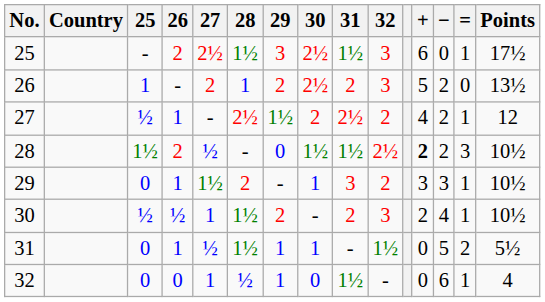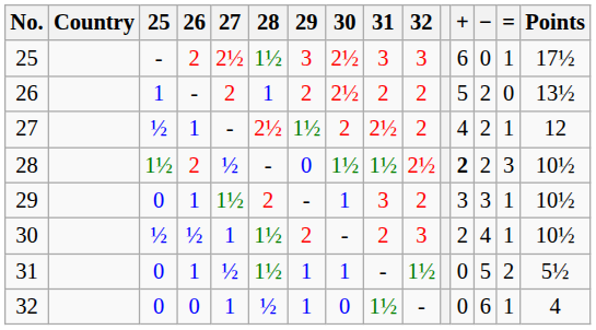 <table class="wikitable" style="text-align:center">
 <tr>
 <th>No.</th>
 <th>Country</th>
 <th>25</th>
 <th>26</th>
 <th>27</th>
 <th>28</th>
 <th>29</th>
 <th>30</th>
 <th>31</th>
 <th>32</th>
 <th></th>
 <th>+</th>
 <th>−</th>
 <th>=</th>
 <th>Points</th>
 </tr>
 <tr>
 <td>25</td>
 <td style="text-align: left"></td>
 <td>-</td>
 <td style="color:red;">2</td>
 <td style="color:red;">2½</td>
 <td style="color:green;">1½</td>
 <td style="color:red;">3</td>
 <td style="color:red;">2½</td>
-<td style="color:green;">1½</td>
+<td style="color:red;">3</td>
 <td style="color:red;">3</td>
 <th></th>
 <td>6</td>
 <td>0</td>
 <td>1</td>
 <td>17½</td>
 </tr>
 <tr>
 <td>26</td>
 <td style="text-align: left"></td>
 <td style="color:blue;">1</td>
 <td>-</td>
 <td style="color:red;">2</td>
 <td style="color:blue;">1</td>
 <td style="color:red;">2</td>
 <td style="color:red;">2½</td>
 <td style="color:red;">2</td>
-<td style="color:red;">3</td>
+<td style="color:red;">2</td>
 <th></th>
 <td>5</td>
 <td>2</td>
 <td>0</td>
 <td>13½</td>
 </tr>
 <tr>
 <td>27</td>
 <td style="text-align: left"></td>
 <td style="color:blue;">½</td>
 <td style="color:blue;">1</td>
 <td>-</td>
 <td style="color:red;">2½</td>
 <td style="color:green;">1½</td>
 <td style="color:red;">2</td>
 <td style="color:red;">2½</td>
 <td style="color:red;">2</td>
 <th></th>
 <td>4</td>
 <td>2</td>
 <td>1</td>
 <td>12</td>
 </tr>
 <tr>
 <td>28</td>
 <td style="text-align: left"></td>
 <td style="color:green;">1½</td>
 <td style="color:red;">2</td>
 <td style="color:blue;">½</td>
 <td>-</td>
 <td style="color:blue;">0</td>
 <td style="color:green;">1½</td>
 <td style="color:green;">1½</td>
 <td style="color:red;">2½</td>
 <th></th>
 <td><strong>2</strong></td>
 <td>2</td>
 <td>3</td>
 <td>10½</td>
 </tr>
 <tr>
 <td>29</td>
 <td style="text-align: left"></td>
 <td style="color:blue;">0</td>
 <td style="color:blue;">1</td>
 <td style="color:green;">1½</td>
 <td style="color:red;">2</td>
 <td>-</td>
 <td style="color:blue;">1</td>
 <td style="color:red;">3</td>
 <td style="color:red;">2</td>
 <th></th>
 <td>3</td>
 <td>3</td>
 <td>1</td>
 <td>10½</td>
 </tr>
 <tr>
 <td>30</td>
 <td style="text-align: left"></td>
 <td style="color:blue;">½</td>
 <td style="color:blue;">½</td>
 <td style="color:blue;">1</td>
 <td style="color:green;">1½</td>
 <td style="color:red;">2</td>
 <td>-</td>
 <td style="color:red;">2</td>
 <td style="color:red;">3</td>
 <th></th>
 <td>2</td>
 <td>4</td>
 <td>1</td>
 <td>10½</td>
 </tr>
 <tr>
 <td>31</td>
 <td style="text-align: left"></td>
 <td style="color:blue;">0</td>
 <td style="color:blue;">1</td>
 <td style="color:blue;">½</td>
 <td style="color:green;">1½</td>
 <td style="color:blue;">1</td>
 <td style="color:blue;">1</td>
 <td>-</td>
 <td style="color:green;">1½</td>
 <th></th>
 <td>0</td>
 <td>5</td>
 <td>2</td>
 <td>5½</td>
 </tr>
 <tr>
 <td>32</td>
 <td style="text-align: left"></td>
 <td style="color:blue;">0</td>
 <td style="color:blue;">0</td>
 <td style="color:blue;">1</td>
 <td style="color:blue;">½</td>
 <td style="color:blue;">1</td>
 <td style="color:blue;">0</td>
 <td style="color:green;">1½</td>
 <td>-</td>
 <th></th>
 <td>0</td>
 <td>6</td>
 <td>1</td>
 <td>4</td>
 </tr>
 </table>
